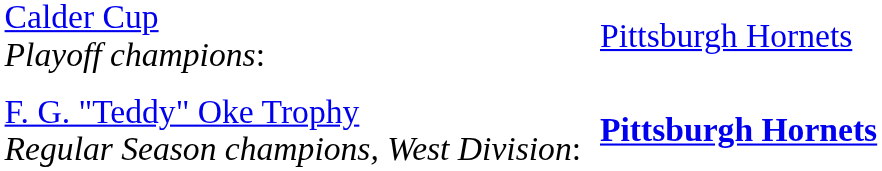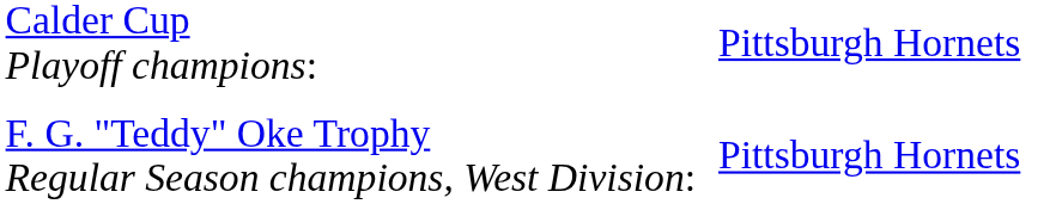 <table cellpadding="3" cellspacing="3">
 <tr>
 <td><a href='#'>Calder Cup</a><br><em>Playoff champions</em>:</td>
 <td><a href='#'>Pittsburgh Hornets</a></td>
 </tr>
 <tr>
 <td><a href='#'>F. G. "Teddy" Oke Trophy</a><br><em>Regular Season champions, West Division</em>:</td>
-<td><strong><a href='#'>Pittsburgh Hornets</a></strong></td>
+<td><a href='#'>Pittsburgh Hornets</a></td>
 </tr>
 </table>
